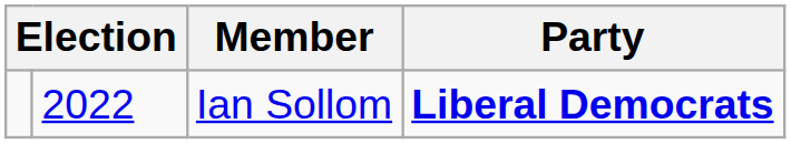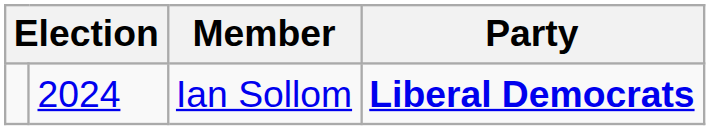 <table class="wikitable">
 <tr>
 <th colspan="2">Election</th>
 <th>Member</th>
 <th>Party</th>
 </tr>
 <tr>
 <td style="color:inherit;background-color: "></td>
-<td><a href='#'>2022</a></td>
+<td><a href='#'>2024</a></td>
 <td><a href='#'>Ian Sollom</a></td>
 <td><strong><a href='#'>Liberal Democrats</a></strong></td>
 </tr>
 </table>
